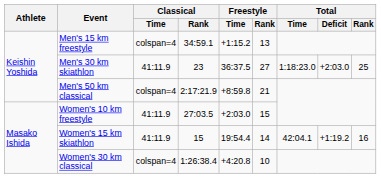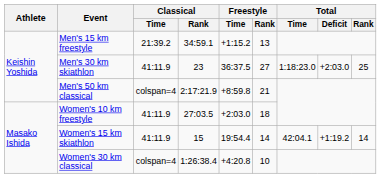 <table class="wikitable" style="font-size:90%">
 <tr>
 <th rowspan=2>Athlete</th>
 <th rowspan=2>Event</th>
 <th colspan=2>Classical</th>
 <th colspan=2>Freestyle</th>
 <th colspan=3>Total</th>
 </tr>
 <tr style="font-size:95%">
 <th>Time</th>
 <th>Rank</th>
 <th>Time</th>
 <th>Rank</th>
 <th>Time</th>
 <th>Deficit</th>
 <th>Rank</th>
 </tr>
 <tr align=center>
 <td align=left rowspan=3><a href='#'>Keishin Yoshida</a></td>
 <td align=left><a href='#'>Men's 15 km freestyle</a></td>
-<td>colspan=4 </td>
+<td>21:39.2</td>
 <td>34:59.1</td>
 <td>+1:15.2</td>
 <td>13</td>
 </tr>
 <tr align=center>
 <td align=left><a href='#'>Men's 30 km skiathlon</a></td>
 <td>41:11.9</td>
 <td>23</td>
 <td>36:37.5</td>
 <td>27</td>
 <td>1:18:23.0</td>
 <td>+2:03.0</td>
 <td>25</td>
 </tr>
 <tr align=center>
 <td align=left><a href='#'>Men's 50 km classical</a></td>
 <td>colspan=4 </td>
 <td>2:17:21.9</td>
 <td>+8:59.8</td>
 <td>21</td>
 </tr>
 <tr align=center>
 <td align=left rowspan=3><a href='#'>Masako Ishida</a></td>
 <td align=left><a href='#'>Women's 10 km freestyle</a></td>
 <td>41:11.9</td>
 <td>27:03.5</td>
 <td>+2:03.0</td>
-<td>15</td>
+<td>18</td>
 </tr>
 <tr align=center>
 <td align=left><a href='#'>Women's 15 km skiathlon</a></td>
 <td>41:11.9</td>
 <td>15</td>
 <td>19:54.4</td>
 <td>14</td>
 <td>42:04.1</td>
 <td>+1:19.2</td>
-<td>16</td>
+<td>14</td>
 </tr>
 <tr align=center>
 <td align=left><a href='#'>Women's 30 km classical</a></td>
 <td>colspan=4 </td>
 <td>1:26:38.4</td>
 <td>+4:20.8</td>
 <td>10</td>
 </tr>
 </table>
